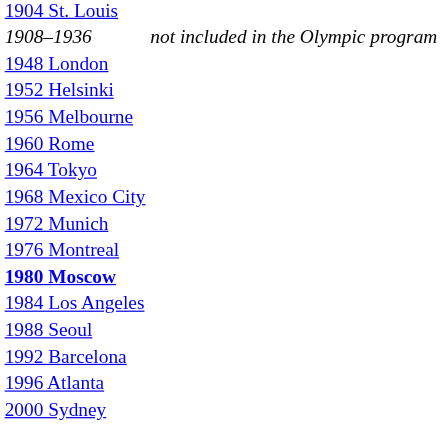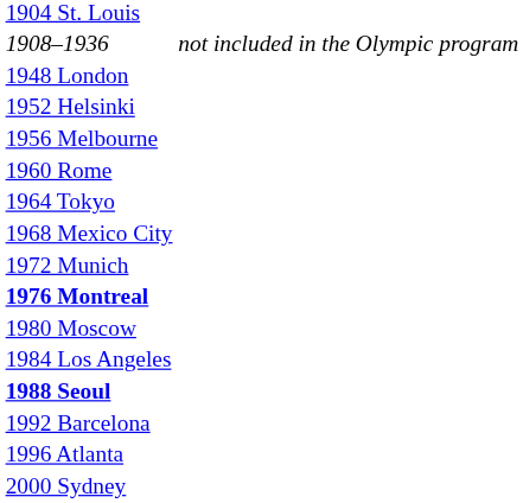 <table>
 <tr>
 <td><a href='#'>1904 St. Louis</a><br></td>
 <td></td>
 <td></td>
 <td></td>
 </tr>
 <tr>
 <td><em>1908–1936</em></td>
 <td colspan=3 align=center><em>not included in the Olympic program</em></td>
 </tr>
 <tr>
 <td><a href='#'>1948 London</a><br></td>
 <td></td>
 <td></td>
 <td></td>
 </tr>
 <tr>
 <td><a href='#'>1952 Helsinki</a><br></td>
 <td></td>
 <td></td>
 <td></td>
 </tr>
 <tr>
 <td><a href='#'>1956 Melbourne</a><br></td>
 <td></td>
 <td></td>
 <td></td>
 </tr>
 <tr>
 <td><a href='#'>1960 Rome</a><br></td>
 <td></td>
 <td></td>
 <td></td>
 </tr>
 <tr>
 <td><a href='#'>1964 Tokyo</a><br></td>
 <td></td>
 <td></td>
 <td></td>
 </tr>
 <tr>
 <td><a href='#'>1968 Mexico City</a><br></td>
 <td></td>
 <td></td>
 <td></td>
 </tr>
 <tr>
 <td><a href='#'>1972 Munich</a><br></td>
 <td></td>
 <td></td>
 <td></td>
 </tr>
 <tr>
-<td><a href='#'>1976 Montreal</a><br></td>
+<td><strong><a href='#'>1976 Montreal</a><br></strong></td>
 <td></td>
 <td></td>
 <td></td>
 </tr>
 <tr>
-<td><strong><a href='#'>1980 Moscow</a><br></strong></td>
+<td><a href='#'>1980 Moscow</a><br></td>
 <td></td>
 <td></td>
 <td></td>
 </tr>
 <tr>
 <td><a href='#'>1984 Los Angeles</a><br></td>
 <td></td>
 <td></td>
 <td></td>
 </tr>
 <tr>
-<td><a href='#'>1988 Seoul</a><br></td>
+<td><strong><a href='#'>1988 Seoul</a><br></strong></td>
 <td></td>
 <td></td>
 <td></td>
 </tr>
 <tr>
 <td><a href='#'>1992 Barcelona</a><br></td>
 <td></td>
 <td></td>
 <td></td>
 </tr>
 <tr>
 <td><a href='#'>1996 Atlanta</a><br></td>
 <td></td>
 <td></td>
 <td></td>
 </tr>
 <tr>
 <td><a href='#'>2000 Sydney</a><br></td>
 <td></td>
 <td></td>
 <td></td>
 </tr>
 </table>
